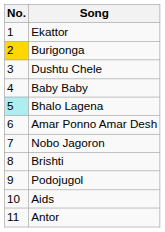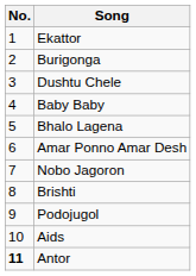 <table class="wikitable">
 <tr>
 <th>No.</th>
 <th>Song</th>
 </tr>
 <tr>
 <td>1</td>
 <td>Ekattor</td>
 </tr>
 <tr>
-<td style="background: gold;">2</td>
+<td>2</td>
 <td>Burigonga</td>
 </tr>
 <tr>
 <td>3</td>
 <td>Dushtu Chele</td>
 </tr>
 <tr>
 <td>4</td>
 <td>Baby Baby</td>
 </tr>
 <tr>
-<td style="background: paleturquoise;">5</td>
+<td>5</td>
 <td>Bhalo Lagena</td>
 </tr>
 <tr>
 <td>6</td>
 <td>Amar Ponno Amar Desh</td>
 </tr>
 <tr>
 <td>7</td>
 <td>Nobo Jagoron</td>
 </tr>
 <tr>
 <td>8</td>
 <td>Brishti</td>
 </tr>
 <tr>
 <td>9</td>
 <td>Podojugol</td>
 </tr>
 <tr>
 <td>10</td>
 <td>Aids</td>
 </tr>
 <tr>
-<td>11</td>
+<td><strong>11</strong></td>
 <td>Antor</td>
 </tr>
 </table>
